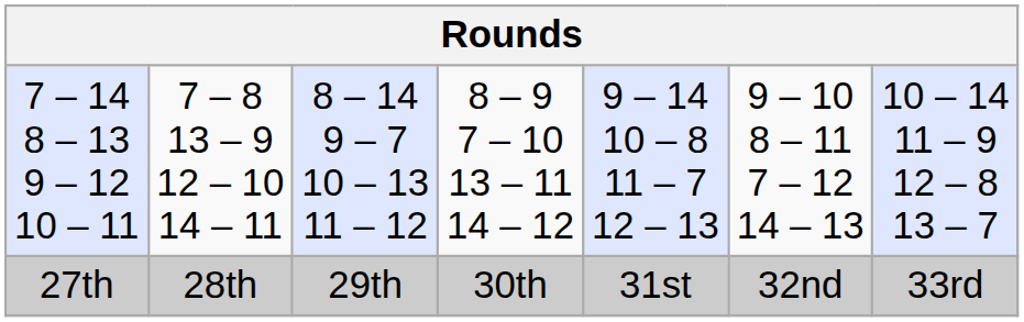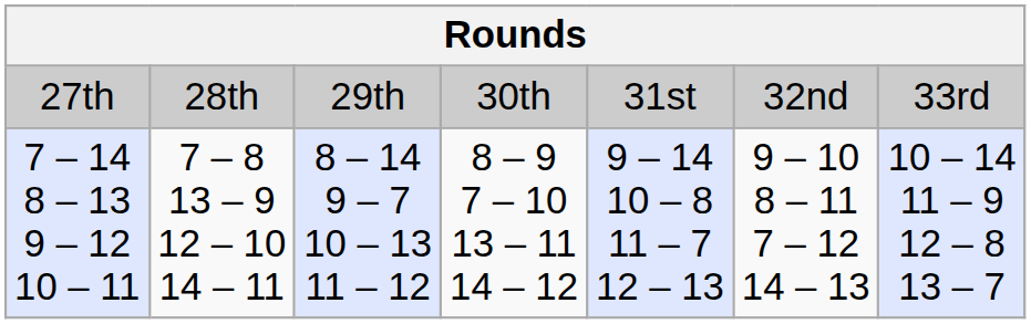 <table class="wikitable">
 <tr>
 <th colspan="7">Rounds</th>
+</tr>
+<tr>
+<td align="center" bgcolor="#CCCCCC">27th</td>
+<td align="center" bgcolor="#CCCCCC">28th</td>
+<td align="center" bgcolor="#CCCCCC">29th</td>
+<td align="center" bgcolor="#CCCCCC">30th</td>
+<td align="center" bgcolor="#CCCCCC">31st</td>
+<td align="center" bgcolor="#CCCCCC">32nd</td>
+<td align="center" bgcolor="#CCCCCC">33rd</td>
 </tr>
 <tr>
 <td align="center" bgcolor="#DFE7FF">7 – 14<br>8 – 13<br>9 – 12<br>10 – 11</td>
 <td align="center">7 – 8<br>13 – 9<br>12 – 10<br>14 – 11</td>
 <td align="center" bgcolor="#DFE7FF">8 – 14<br>9 – 7<br>10 – 13<br>11 – 12</td>
 <td align="center">8 – 9<br>7 – 10<br>13 – 11<br>14 – 12</td>
 <td align="center" bgcolor="#DFE7FF">9 – 14<br>10 – 8<br>11 – 7<br>12 – 13</td>
 <td align="center">9 – 10<br>8 – 11<br>7 – 12<br>14 – 13</td>
 <td align="center" bgcolor="#DFE7FF">10 – 14<br>11 – 9<br>12 – 8<br>13 – 7</td>
 </tr>
-<tr>
-<td align="center" bgcolor="#CCCCCC">27th</td>
-<td align="center" bgcolor="#CCCCCC">28th</td>
-<td align="center" bgcolor="#CCCCCC">29th</td>
-<td align="center" bgcolor="#CCCCCC">30th</td>
-<td align="center" bgcolor="#CCCCCC">31st</td>
-<td align="center" bgcolor="#CCCCCC">32nd</td>
-<td align="center" bgcolor="#CCCCCC">33rd</td>
-</tr>
 </table>
